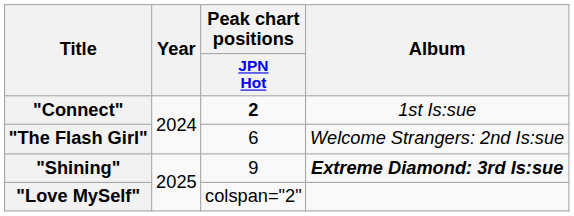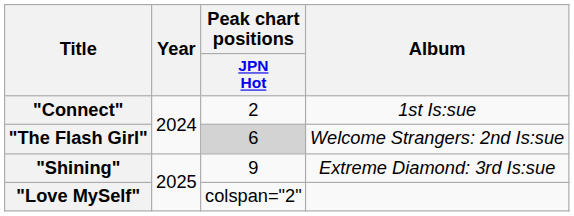 <table class="wikitable plainrowheaders" style="text-align:center;">
 <tr>
 <th scope="col" rowspan="2">Title</th>
 <th scope="col" rowspan="2">Year</th>
 <th scope="col" colspan="1">Peak chart positions</th>
 <th scope="col" rowspan="2">Album</th>
 </tr>
 <tr>
 <th scope="col" style="width:2.5em;font-size:85%;"><a href='#'>JPN<br>Hot</a><br></th>
 </tr>
 <tr>
 <th scope="row">"Connect"</th>
 <td rowspan="2">2024</td>
-<td><strong>2</strong></td>
+<td>2</td>
 <td><em>1st Is:sue</em> </td>
 </tr>
 <tr>
 <th scope="row">"The Flash Girl"</th>
-<td>6</td>
+<td style="background: lightgrey;">6</td>
 <td><em>Welcome Strangers: 2nd Is:sue</em> </td>
 </tr>
 <tr>
 <th scope="row">"Shining"</th>
 <td rowspan="2">2025</td>
 <td>9</td>
-<td><strong><em>Extreme Diamond: 3rd Is:sue</em> </strong></td>
+<td><em>Extreme Diamond: 3rd Is:sue</em> </td>
 </tr>
 <tr>
 <th scope="row">"Love MySelf"</th>
 <td>colspan="2" </td>
 </tr>
 </table>
